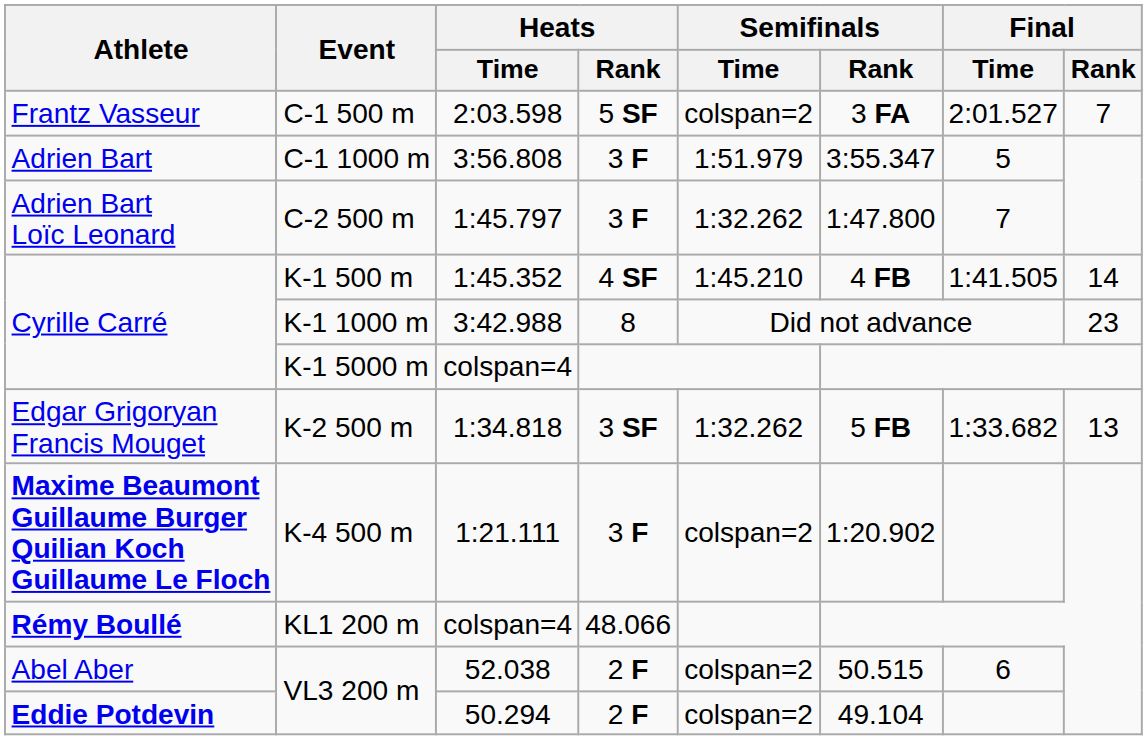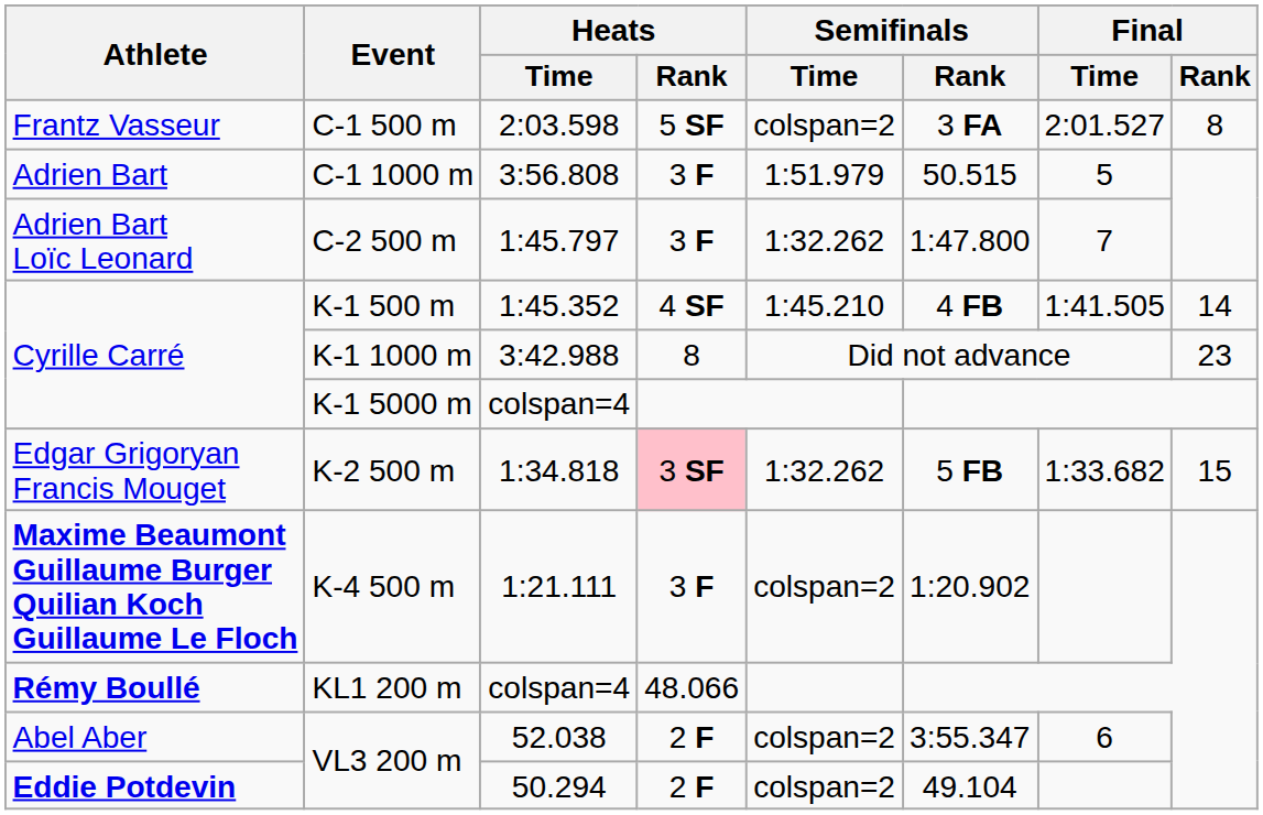 <table class=wikitable style="font-size:90%">
 <tr>
 <th rowspan="2">Athlete</th>
 <th rowspan="2">Event</th>
 <th colspan=2>Heats</th>
 <th colspan=2>Semifinals</th>
 <th colspan=2>Final</th>
 </tr>
 <tr style="font-size:95%">
 <th>Time</th>
 <th>Rank</th>
 <th>Time</th>
 <th>Rank</th>
 <th>Time</th>
 <th>Rank</th>
 </tr>
 <tr align=center>
 <td align=left><a href='#'>Frantz Vasseur</a></td>
 <td align=left>C-1 500 m</td>
 <td>2:03.598</td>
 <td>5 <strong>SF</strong></td>
 <td>colspan=2</td>
 <td>3 <strong>FA</strong></td>
 <td>2:01.527</td>
-<td>7</td>
+<td>8</td>
 </tr>
 <tr align=center>
 <td align=left><a href='#'>Adrien Bart</a></td>
 <td align=left>C-1 1000 m</td>
 <td>3:56.808</td>
 <td>3 <strong>F</strong></td>
 <td>1:51.979</td>
-<td>3:55.347</td>
+<td>50.515</td>
 <td>5</td>
 </tr>
 <tr align=center>
 <td align=left><a href='#'>Adrien Bart</a><br><a href='#'>Loïc Leonard</a></td>
 <td align=left>C-2 500 m</td>
 <td>1:45.797</td>
 <td>3 <strong>F</strong></td>
 <td>1:32.262</td>
 <td>1:47.800</td>
 <td>7</td>
 </tr>
 <tr align=center>
 <td align=left rowspan=3><a href='#'>Cyrille Carré</a></td>
 <td align=left>K-1 500 m</td>
 <td>1:45.352</td>
 <td>4 <strong>SF</strong></td>
 <td>1:45.210</td>
 <td>4 <strong>FB</strong></td>
 <td>1:41.505</td>
 <td>14</td>
 </tr>
 <tr align=center>
 <td align=left>K-1 1000 m</td>
 <td>3:42.988</td>
 <td>8</td>
 <td colspan=3>Did not advance</td>
 <td>23</td>
 </tr>
 <tr align=center>
 <td align=left>K-1 5000 m</td>
 <td>colspan=4</td>
 <td colspan=2></td>
 </tr>
 <tr align=center>
 <td align=left><a href='#'>Edgar Grigoryan</a><br><a href='#'>Francis Mouget</a></td>
 <td align=left>K-2 500 m</td>
 <td>1:34.818</td>
-<td>3 <strong>SF</strong></td>
+<td style="background: pink;">3 <strong>SF</strong></td>
 <td>1:32.262</td>
 <td>5 <strong>FB</strong></td>
 <td>1:33.682</td>
-<td>13</td>
+<td>15</td>
 </tr>
 <tr align=center>
 <td align=left><strong><a href='#'>Maxime Beaumont</a><br><a href='#'>Guillaume Burger</a><br><a href='#'>Quilian Koch</a><br><a href='#'>Guillaume Le Floch</a></strong></td>
 <td align=left>K-4 500 m</td>
 <td>1:21.111</td>
 <td>3 <strong>F</strong></td>
 <td>colspan=2</td>
 <td>1:20.902</td>
 <td></td>
 </tr>
 <tr align=center>
 <td align=left><strong><a href='#'>Rémy Boullé</a></strong></td>
 <td align=left>KL1 200 m</td>
 <td>colspan=4</td>
 <td>48.066</td>
 <td></td>
 </tr>
 <tr align=center>
 <td align=left><a href='#'>Abel Aber</a></td>
 <td align=left rowspan=2>VL3 200 m</td>
 <td>52.038</td>
 <td>2 <strong>F</strong></td>
 <td>colspan=2</td>
-<td>50.515</td>
+<td>3:55.347</td>
 <td>6</td>
 </tr>
 <tr align=center>
 <td align=left><strong><a href='#'>Eddie Potdevin</a></strong></td>
 <td>50.294</td>
 <td>2 <strong>F</strong></td>
 <td>colspan=2</td>
 <td>49.104</td>
 <td></td>
 </tr>
 </table>
